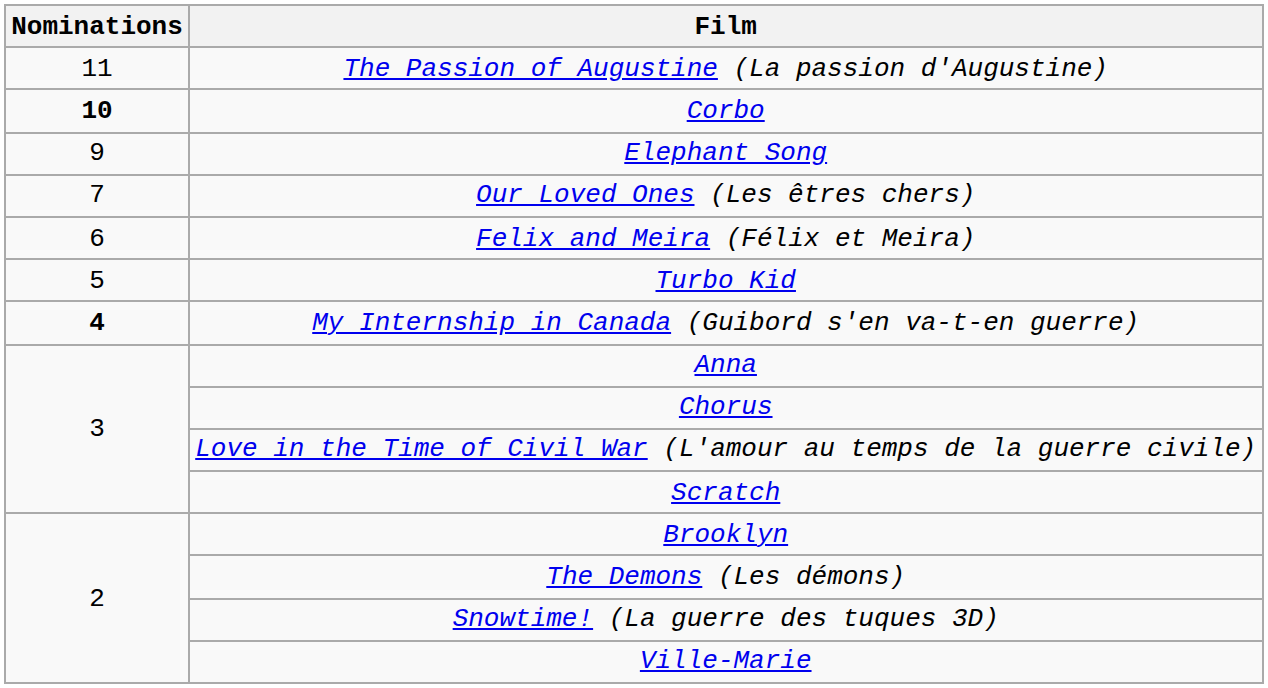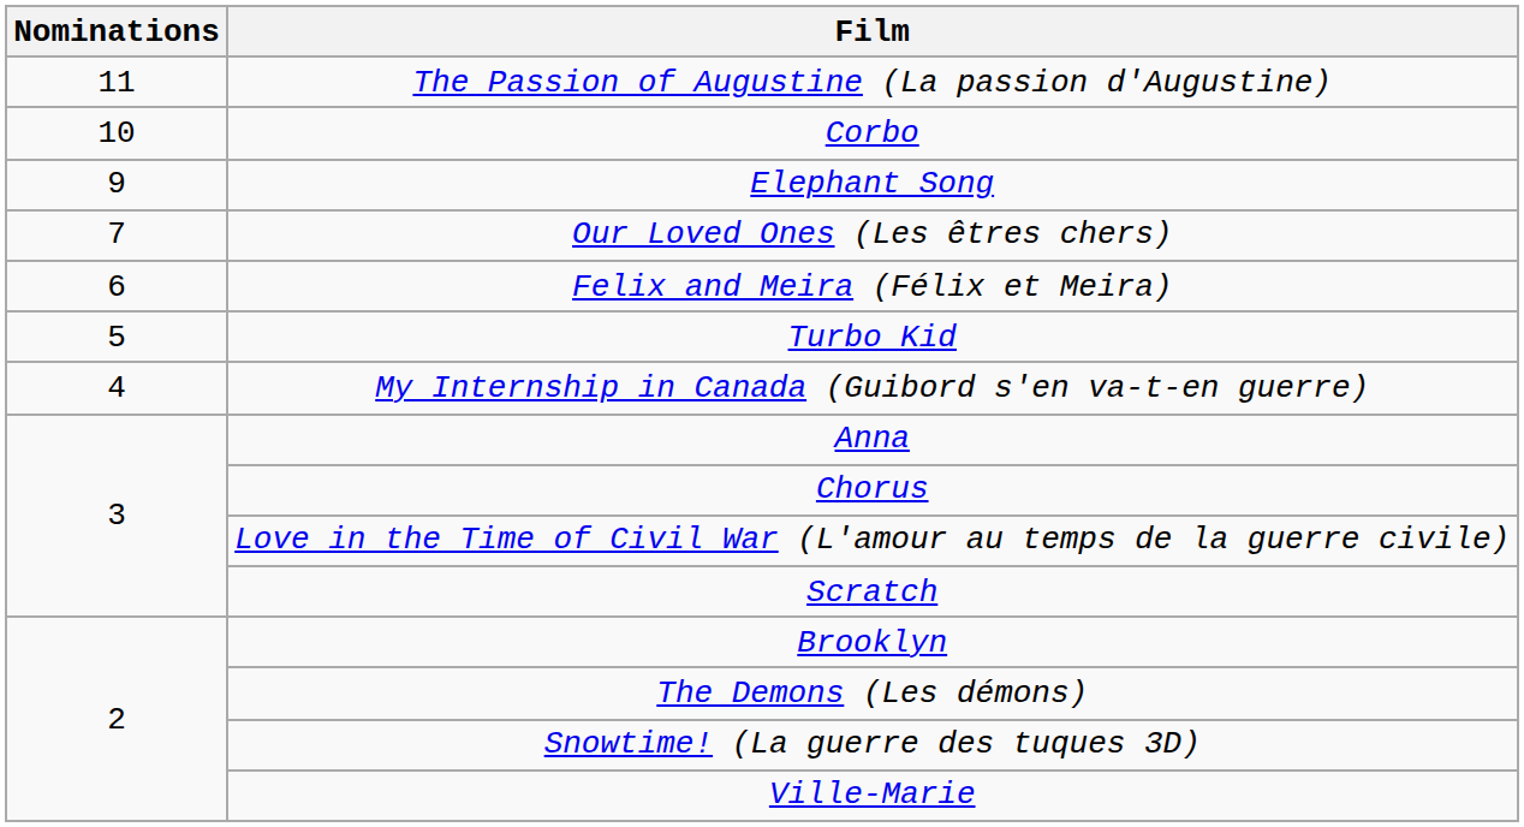 <table class="wikitable" style="text-align:center;">
 <tr>
 <th scope="col" width="17">Nominations</th>
 <th scope="col" align="center">Film</th>
 </tr>
 <tr>
 <td rowspan="1" style="text-align:center;">11</td>
 <td><em><a href='#'>The Passion of Augustine</a> (La passion d'Augustine)</em></td>
 </tr>
 <tr>
-<td rowspan="1" style="text-align:center;"><strong>10</strong></td>
+<td rowspan="1" style="text-align:center;">10</td>
 <td><em><a href='#'>Corbo</a></em></td>
 </tr>
 <tr>
 <td rowspan="1" style="text-align:center;">9</td>
 <td><em><a href='#'>Elephant Song</a></em></td>
 </tr>
 <tr>
 <td rowspan="1" style="text-align:center;">7</td>
 <td><em><a href='#'>Our Loved Ones</a> (Les êtres chers)</em></td>
 </tr>
 <tr>
 <td rowspan="1" style="text-align:center;">6</td>
 <td><em><a href='#'>Felix and Meira</a> (Félix et Meira)</em></td>
 </tr>
 <tr>
 <td rowspan="1" style="text-align:center;">5</td>
 <td><em><a href='#'>Turbo Kid</a></em></td>
 </tr>
 <tr>
-<td rowspan="1" style="text-align:center;"><strong>4</strong></td>
+<td rowspan="1" style="text-align:center;">4</td>
 <td><em><a href='#'>My Internship in Canada</a> (Guibord s'en va-t-en guerre)</em></td>
 </tr>
 <tr>
 <td rowspan="4" style="text-align:center;">3</td>
 <td><em><a href='#'>Anna</a></em></td>
 </tr>
 <tr>
 <td><em><a href='#'>Chorus</a></em></td>
 </tr>
 <tr>
 <td><em><a href='#'>Love in the Time of Civil War</a> (L'amour au temps de la guerre civile)</em></td>
 </tr>
 <tr>
 <td><em><a href='#'>Scratch</a></em></td>
 </tr>
 <tr>
 <td rowspan="4" style="text-align:center;">2</td>
 <td><em><a href='#'>Brooklyn</a></em></td>
 </tr>
 <tr>
 <td><em><a href='#'>The Demons</a> (Les démons)</em></td>
 </tr>
 <tr>
 <td><em><a href='#'>Snowtime!</a> (La guerre des tuques 3D)</em></td>
 </tr>
 <tr>
 <td><em><a href='#'>Ville-Marie</a></em></td>
 </tr>
 <tr>
 </tr>
 </table>
